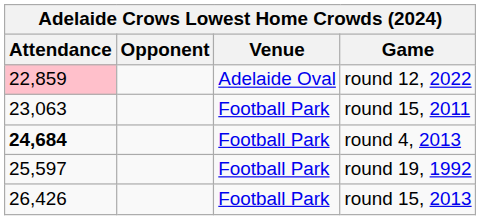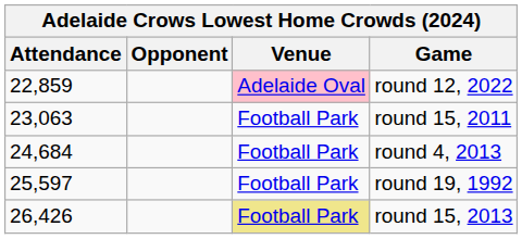 <table class="wikitable sortable">
 <tr>
 <th colspan=5>Adelaide Crows Lowest Home Crowds (2024)</th>
 </tr>
 <tr>
 <th>Attendance</th>
 <th>Opponent</th>
 <th>Venue</th>
 <th>Game</th>
 </tr>
 <tr>
-<td style="background: pink;">22,859</td>
+<td>22,859</td>
 <td></td>
-<td><a href='#'>Adelaide Oval</a></td>
+<td style="background: pink;"><a href='#'>Adelaide Oval</a></td>
 <td>round 12, <a href='#'>2022</a></td>
 </tr>
 <tr>
 <td>23,063</td>
 <td></td>
 <td><a href='#'>Football Park</a></td>
 <td>round 15, <a href='#'>2011</a></td>
 </tr>
 <tr>
-<td><strong>24,684</strong></td>
+<td>24,684</td>
 <td></td>
 <td><a href='#'>Football Park</a></td>
 <td>round 4, <a href='#'>2013</a></td>
 </tr>
 <tr>
 <td>25,597</td>
 <td></td>
 <td><a href='#'>Football Park</a></td>
 <td>round 19, <a href='#'>1992</a></td>
 </tr>
 <tr>
 <td>26,426</td>
 <td></td>
-<td><a href='#'>Football Park</a></td>
+<td style="background: khaki;"><a href='#'>Football Park</a></td>
 <td>round 15, <a href='#'>2013</a></td>
 </tr>
 </table>
